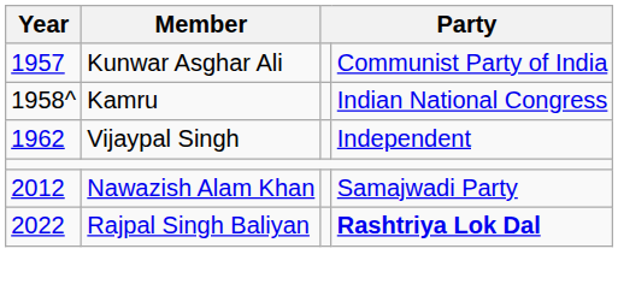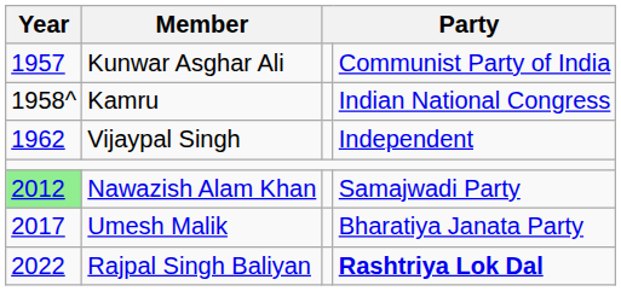 <table class="wikitable">
 <tr>
 <th>Year</th>
 <th>Member</th>
 <th colspan="2">Party</th>
 </tr>
 <tr>
 <td><a href='#'>1957</a></td>
 <td>Kunwar Asghar Ali</td>
 <td style="background-color: "></td>
 <td><a href='#'>Communist Party of India</a></td>
 </tr>
 <tr>
 <td>1958^</td>
 <td>Kamru</td>
 <td style="background-color: "></td>
 <td><a href='#'>Indian National Congress</a></td>
 </tr>
 <tr>
 <td><a href='#'>1962</a></td>
 <td>Vijaypal Singh</td>
 <td style="background-color: "></td>
 <td><a href='#'>Independent</a></td>
 </tr>
 <tr>
 <td colspan="4"></td>
 </tr>
 <tr>
-<td><a href='#'>2012</a></td>
+<td style="background: lightgreen;"><a href='#'>2012</a></td>
 <td><a href='#'>Nawazish Alam Khan</a></td>
 <td style="background-color: "></td>
 <td><a href='#'>Samajwadi Party</a></td>
+</tr>
+<tr>
+<td><a href='#'>2017</a></td>
+<td><a href='#'>Umesh Malik</a></td>
+<td style="background-color: "></td>
+<td><a href='#'>Bharatiya Janata Party</a></td>
 </tr>
 <tr>
 <td><a href='#'>2022</a></td>
 <td><a href='#'>Rajpal Singh Baliyan</a></td>
 <td style="background-color: "></td>
 <td><strong><a href='#'>Rashtriya Lok Dal</a></strong></td>
 </tr>
 </table>
